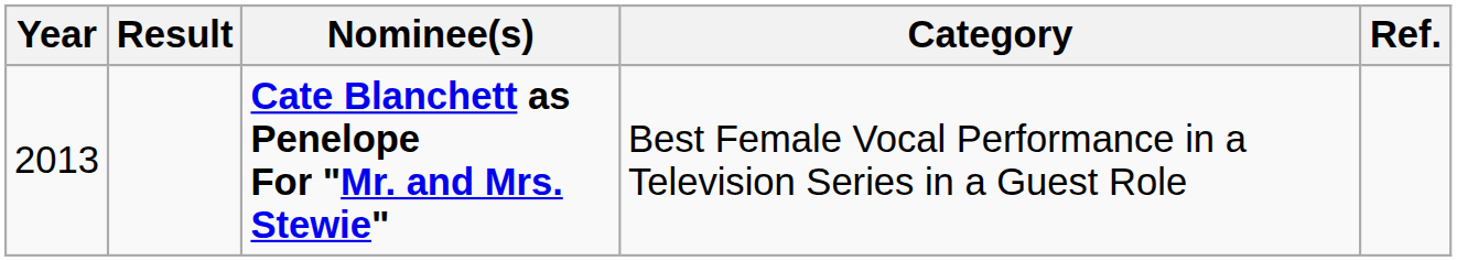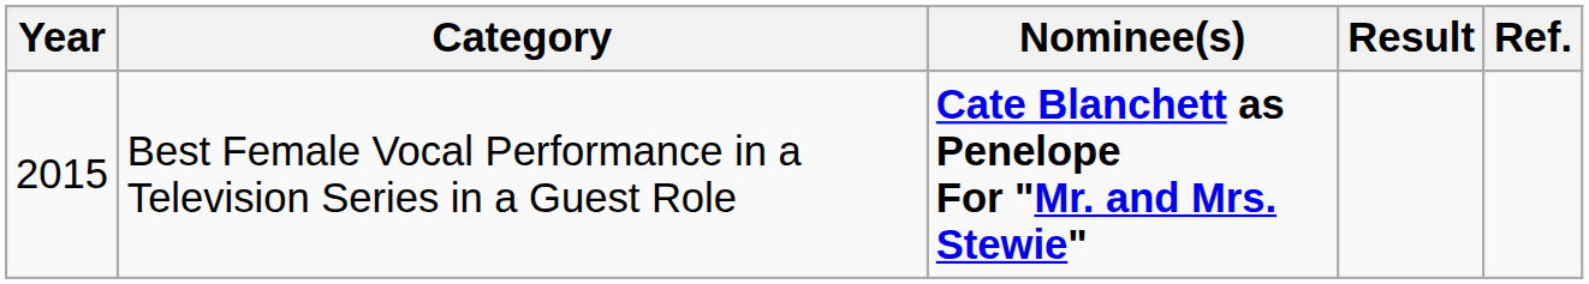 <table class="wikitable">
 <tr>
 <th>Year</th>
+<th>Category</th>
+<th>Nominee(s)</th>
 <th>Result</th>
-<th>Nominee(s)</th>
-<th>Category</th>
 <th>Ref.</th>
 </tr>
 <tr>
-<td>2013</td>
+<td>2015</td>
+<td>Best Female Vocal Performance in a Television Series in a Guest Role</td>
+<td><strong><a href='#'>Cate Blanchett</a> as Penelope<br>For "<a href='#'>Mr. and Mrs. Stewie</a>"</strong></td>
 <td></td>
-<td><strong><a href='#'>Cate Blanchett</a> as Penelope<br>For "<a href='#'>Mr. and Mrs. Stewie</a>"</strong></td>
-<td>Best Female Vocal Performance in a Television Series in a Guest Role</td>
 <td></td>
 </tr>
 </table>
